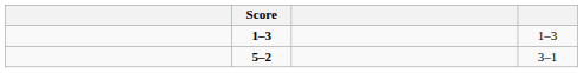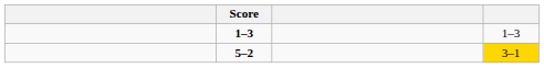 <table class="wikitable" style="text-align: center; ">
 <tr>
 <th align="right" width="270"></th>
 <th width="65">Score</th>
 <th align="left" width="270"></th>
 <th width="65"></th>
 </tr>
 <tr>
 <td align="left"></td>
 <td><strong>1–3</strong></td>
 <td align="left"><strong></strong></td>
 <td>1–3 <strong></strong></td>
 </tr>
 <tr>
 <td align="left"><strong></strong></td>
 <td><strong>5–2</strong></td>
 <td align="left"></td>
-<td>3–1 <strong></strong></td>
+<td style="background: gold;">3–1 <strong></strong></td>
 </tr>
 </table>
